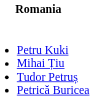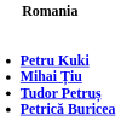 <table>
 <tr>
 <th>Romania</th>
 </tr>
 <tr>
-<td><br><ul><li><a href='#'>Petru Kuki</a></li><li><a href='#'>Mihai Țiu</a></li><li><a href='#'>Tudor Petruș</a></li><li><a href='#'>Petrică Buricea</a></li></ul></td>
+<td><strong><br><ul><li><a href='#'>Petru Kuki</a></li><li><a href='#'>Mihai Țiu</a></li><li><a href='#'>Tudor Petruș</a></li><li><a href='#'>Petrică Buricea</a></li></ul></strong></td>
 </tr>
 </table>
